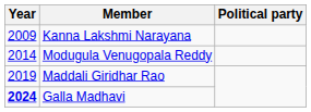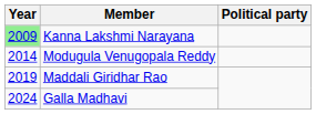 <table class="wikitable sortable">
 <tr>
 <th>Year</th>
 <th>Member</th>
 <th colspan=2>Political party</th>
 </tr>
 <tr>
-<td><a href='#'>2009</a></td>
+<td style="background: lightgreen;"><a href='#'>2009</a></td>
 <td><a href='#'>Kanna Lakshmi Narayana</a></td>
 <td></td>
 </tr>
 <tr>
 <td><a href='#'>2014</a></td>
 <td><a href='#'>Modugula Venugopala Reddy</a></td>
 <td></td>
 </tr>
 <tr>
 <td><a href='#'>2019</a></td>
 <td><a href='#'>Maddali Giridhar Rao</a></td>
 </tr>
 <tr>
-<td><strong><a href='#'>2024</a></strong></td>
+<td><a href='#'>2024</a></td>
 <td><a href='#'>Galla Madhavi</a></td>
 </tr>
 </table>
